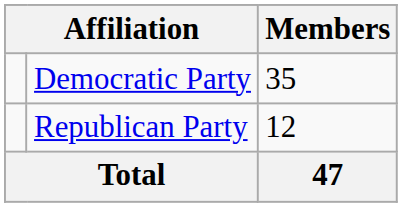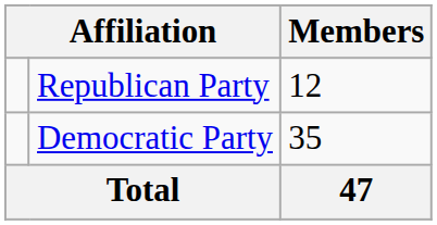 <table class="wikitable">
 <tr>
 <th colspan=2>Affiliation</th>
 <th>Members</th>
 </tr>
 <tr>
 <td style="background-color:"> </td>
-<td><a href='#'>Democratic Party</a></td>
-<td>35</td>
+<td><a href='#'>Republican Party</a></td>
+<td>12</td>
 </tr>
 <tr>
 <td style="background-color:"> </td>
-<td><a href='#'>Republican Party</a></td>
-<td>12</td>
+<td><a href='#'>Democratic Party</a></td>
+<td>35</td>
 </tr>
 <tr>
 <th colspan=2>Total</th>
 <th>47</th>
 </tr>
 </table>
